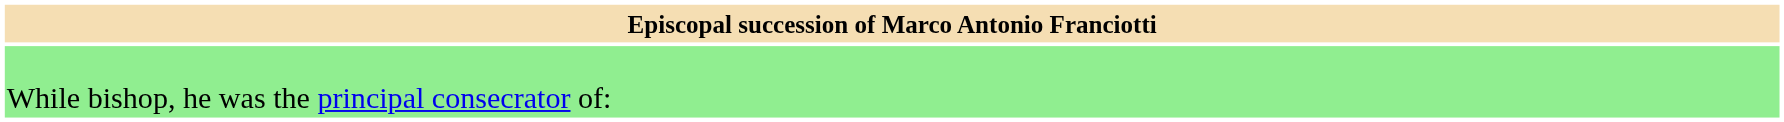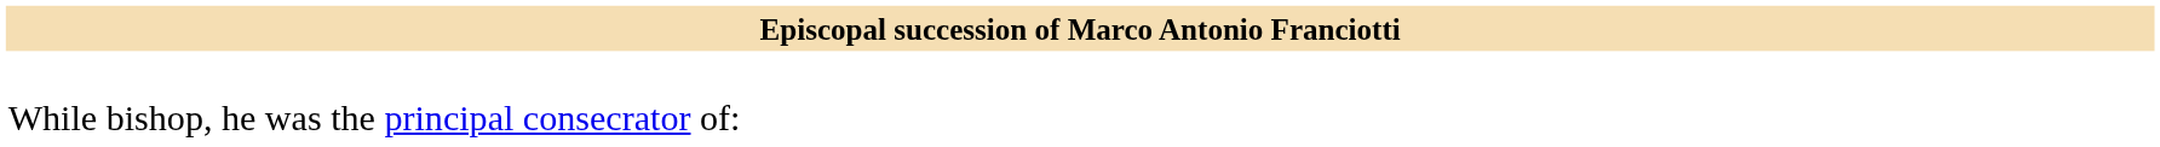 <table class="toccolours collapsible collapsed" width=75% align="center">
 <tr>
 <th style="background:#F5DEB3"><small>Episcopal succession of Marco Antonio Franciotti</small></th>
 </tr>
 <tr>
-<td style="background: lightgreen;"><br>While bishop, he was the <a href='#'>principal consecrator</a> of: </td>
+<td><br>While bishop, he was the <a href='#'>principal consecrator</a> of: </td>
 </tr>
 </table>
